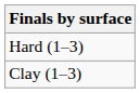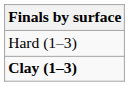 <table class=wikitable style=font-size:90%>
 <tr>
 <th>Finals by surface</th>
 </tr>
 <tr>
 <td>Hard (1–3)</td>
 </tr>
 <tr>
-<td>Clay (1–3)</td>
+<td><strong>Clay (1–3)</strong></td>
 </tr>
 </table>
